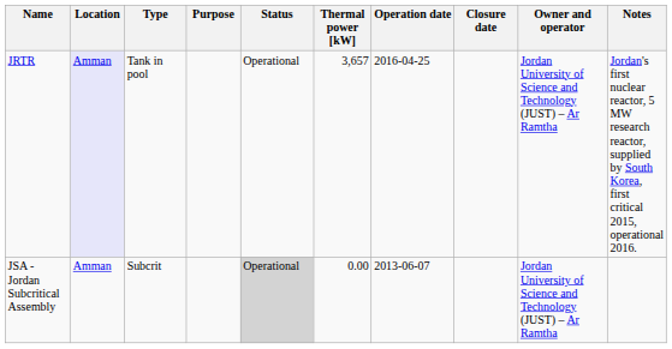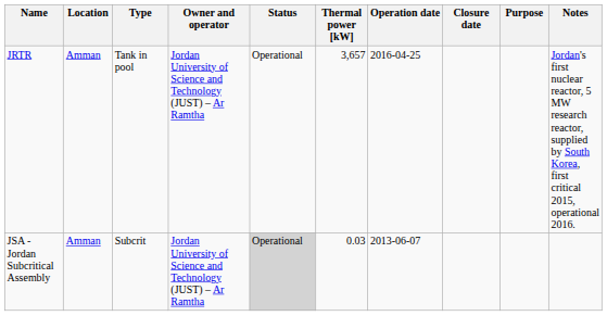 <table class="wikitable" >
 <tr valign="top">
 <th width="80">Name</th>
 <th width="65">Location</th>
 <th width="76">Type</th>
-<th width="65">Purpose</th>
+<th width="113“">Owner and operator</th>
 <th width="91">Status</th>
 <th width="70“">Thermal power [kW]</th>
 <th width=„67“>Operation date</th>
 <th width="78“">Closure date</th>
-<th width="113“">Owner and operator</th>
+<th width="65">Purpose</th>
 <th width="65">Notes</th>
 </tr>
 <tr valign="top">
 <td><a href='#'>JRTR</a></td>
-<td style="background: lavender;"><a href='#'>Amman</a></td>
+<td><a href='#'>Amman</a></td>
 <td>Tank in pool</td>
-<td></td>
+<td><a href='#'>Jordan University of Science and Technology</a> (JUST) – <a href='#'>Ar Ramtha</a></td>
 <td>Operational</td>
 <td align="right">3,657</td>
 <td>2016-04-25</td>
 <td></td>
-<td><a href='#'>Jordan University of Science and Technology</a> (JUST) – <a href='#'>Ar Ramtha</a></td>
+<td></td>
 <td><a href='#'>Jordan</a>'s first nuclear reactor, 5 MW research reactor, supplied by <a href='#'>South Korea</a>, first critical 2015, operational 2016.</td>
 </tr>
 <tr valign="top">
 <td>JSA - Jordan Subcritical Assembly</td>
 <td><a href='#'>Amman</a></td>
 <td>Subcrit</td>
-<td></td>
+<td><a href='#'>Jordan University of Science and Technology</a> (JUST) – <a href='#'>Ar Ramtha</a></td>
 <td style="background: lightgrey;">Operational</td>
-<td align="right">0.00</td>
+<td align="right">0.03</td>
 <td>2013-06-07</td>
 <td></td>
-<td><a href='#'>Jordan University of Science and Technology</a> (JUST) – <a href='#'>Ar Ramtha</a></td>
+<td></td>
 <td> </td>
 </tr>
 </table>
